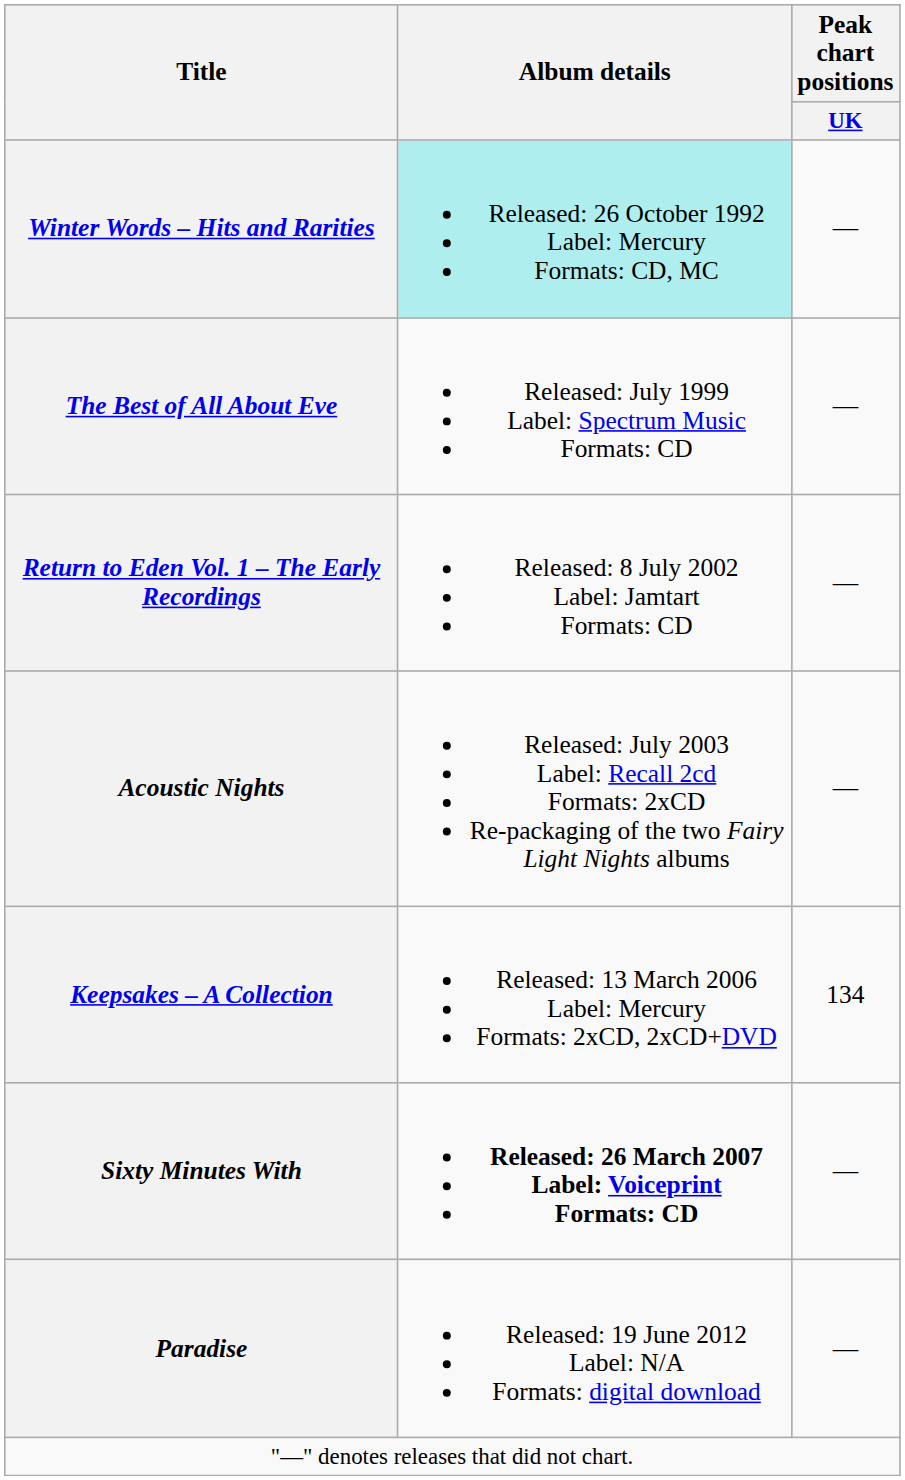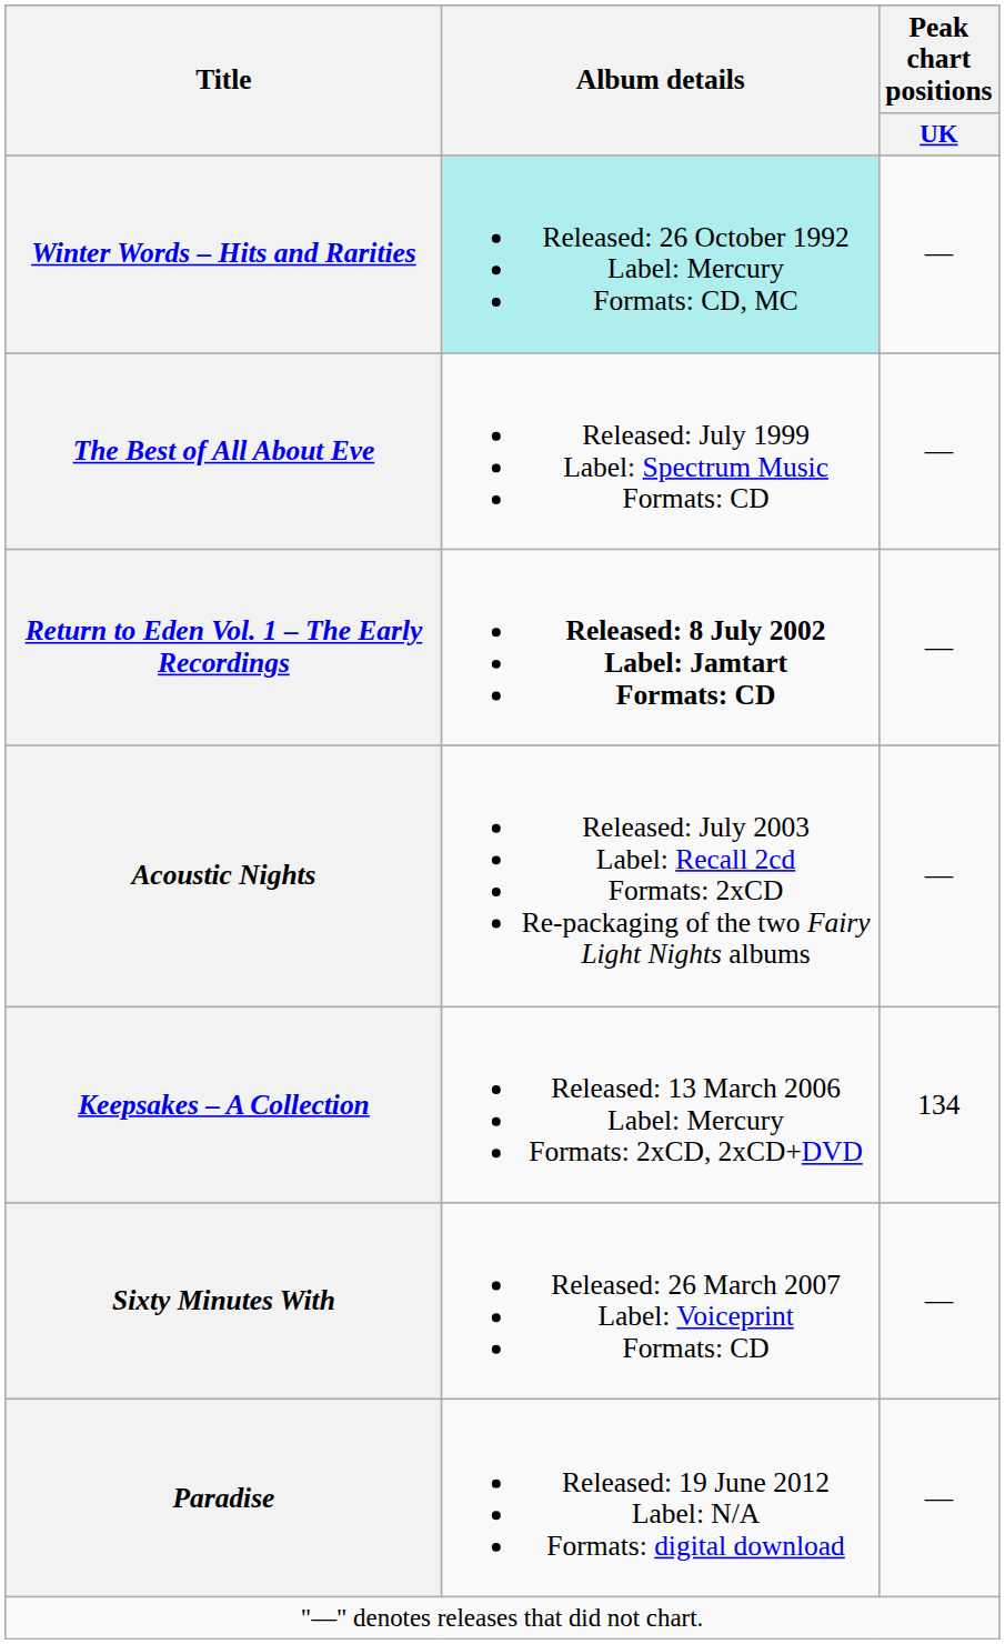 <table class="wikitable plainrowheaders" style="text-align:center;">
 <tr>
 <th rowspan="2" scope="col" style="width:15em;">Title</th>
 <th rowspan="2" scope="col" style="width:15em;">Album details</th>
 <th>Peak chart positions</th>
 </tr>
 <tr>
 <th scope="col" style="width:2em;font-size:90%;"><a href='#'>UK</a><br></th>
 </tr>
 <tr>
 <th scope="row"><a href='#'><em>Winter Words – Hits and Rarities</em></a></th>
 <td style="background: paleturquoise;"><br><ul><li>Released: 26 October 1992</li><li>Label: Mercury</li><li>Formats: CD, MC</li></ul></td>
 <td>—</td>
 </tr>
 <tr>
 <th scope="row"><em><a href='#'>The Best of All About Eve</a></em></th>
 <td><br><ul><li>Released: July 1999</li><li>Label: <a href='#'>Spectrum Music</a></li><li>Formats: CD</li></ul></td>
 <td>—</td>
 </tr>
 <tr>
 <th scope="row"><em><a href='#'>Return to Eden Vol. 1 – The Early Recordings</a></em></th>
-<td><br><ul><li>Released: 8 July 2002</li><li>Label: Jamtart</li><li>Formats: CD</li></ul></td>
+<td><strong><br><ul><li>Released: 8 July 2002</li><li>Label: Jamtart</li><li>Formats: CD</li></ul></strong></td>
 <td>—</td>
 </tr>
 <tr>
 <th scope="row"><em>Acoustic Nights</em></th>
 <td><br><ul><li>Released: July 2003</li><li>Label: <a href='#'>Recall 2cd</a></li><li>Formats: 2xCD</li><li>Re-packaging of the two <em>Fairy Light Nights</em> albums</li></ul></td>
 <td>—</td>
 </tr>
 <tr>
 <th scope="row"><a href='#'><em>Keepsakes – A Collection</em></a></th>
 <td><br><ul><li>Released: 13 March 2006</li><li>Label: Mercury</li><li>Formats: 2xCD, 2xCD+<a href='#'>DVD</a></li></ul></td>
 <td>134</td>
 </tr>
 <tr>
 <th scope="row"><em>Sixty Minutes With</em></th>
-<td><strong><br><ul><li>Released: 26 March 2007</li><li>Label: <a href='#'>Voiceprint</a></li><li>Formats: CD</li></ul></strong></td>
+<td><br><ul><li>Released: 26 March 2007</li><li>Label: <a href='#'>Voiceprint</a></li><li>Formats: CD</li></ul></td>
 <td>—</td>
 </tr>
 <tr>
 <th scope="row"><em>Paradise</em></th>
 <td><br><ul><li>Released: 19 June 2012</li><li>Label: N/A</li><li>Formats: <a href='#'>digital download</a></li></ul></td>
 <td>—</td>
 </tr>
 <tr>
 <td colspan="3" style="font-size:90%">"—" denotes releases that did not chart.</td>
 </tr>
 </table>
